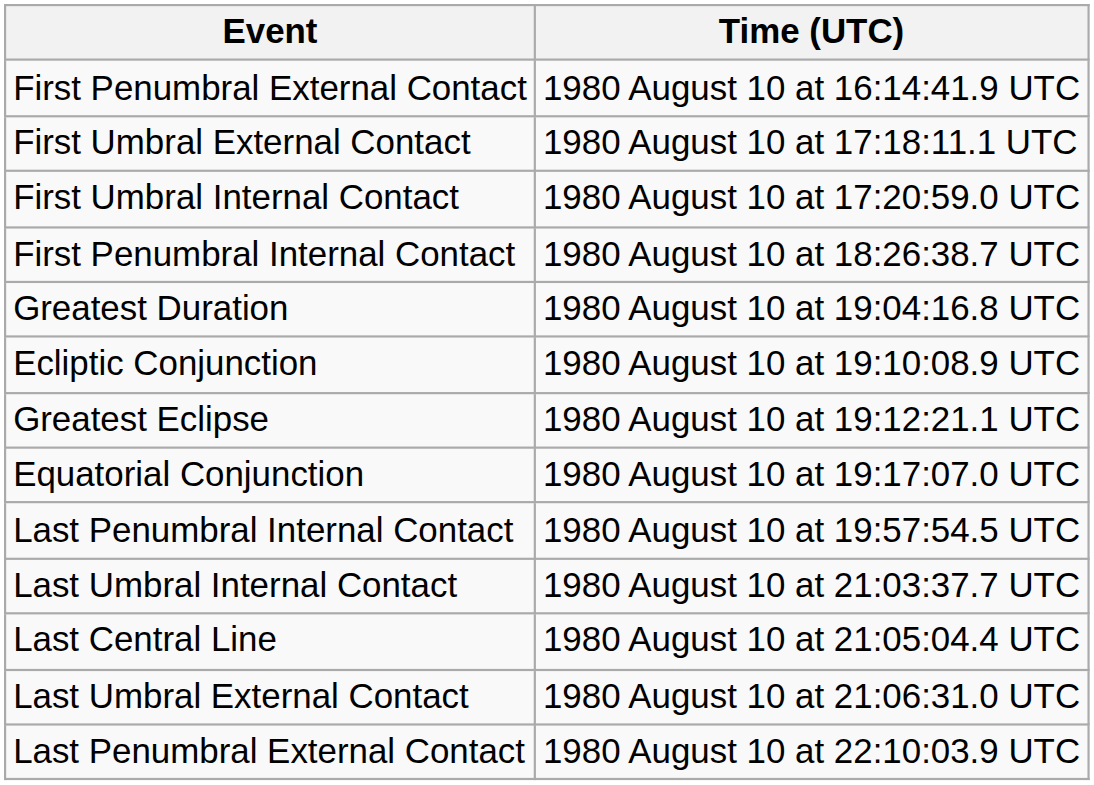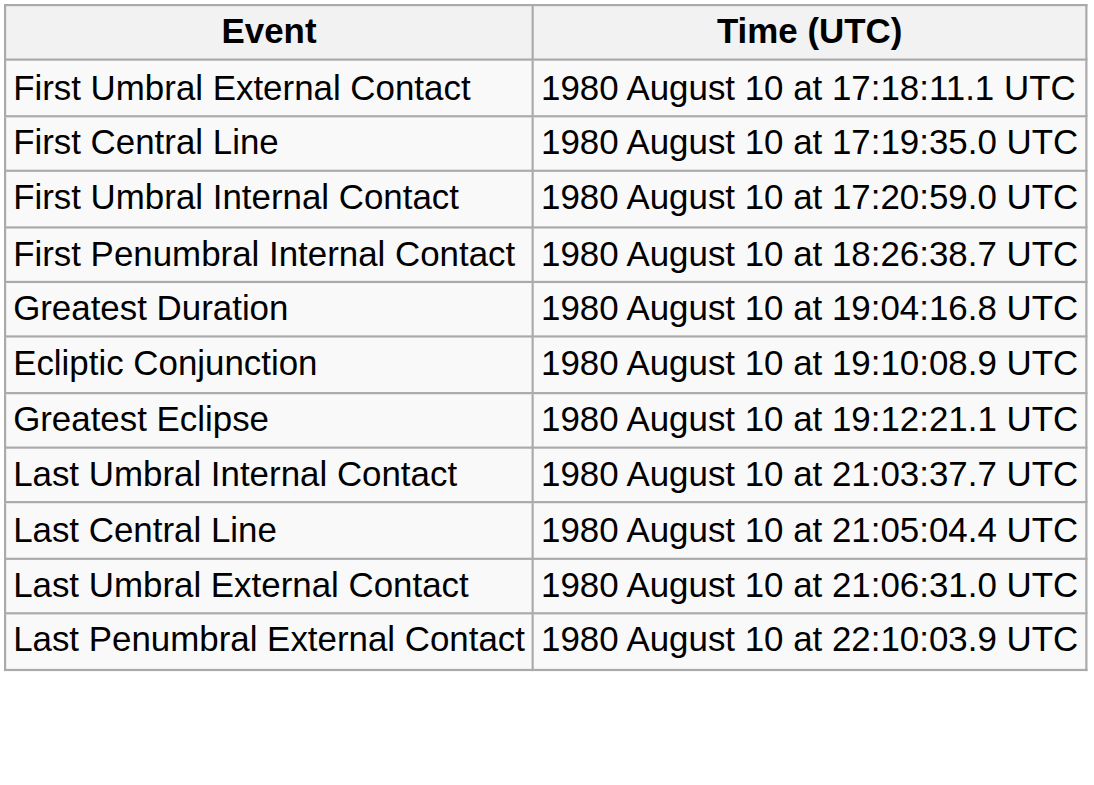 <table class="wikitable">
 <tr>
 <th>Event</th>
 <th>Time (UTC)</th>
 </tr>
 <tr>
-<td>First Penumbral External Contact</td>
-<td>1980 August 10 at 16:14:41.9 UTC</td>
+<td>First Umbral External Contact</td>
+<td>1980 August 10 at 17:18:11.1 UTC</td>
 </tr>
 <tr>
-<td>First Umbral External Contact</td>
-<td>1980 August 10 at 17:18:11.1 UTC</td>
+<td>First Central Line</td>
+<td>1980 August 10 at 17:19:35.0 UTC</td>
 </tr>
 <tr>
 <td>First Umbral Internal Contact</td>
 <td>1980 August 10 at 17:20:59.0 UTC</td>
 </tr>
 <tr>
 <td>First Penumbral Internal Contact</td>
 <td>1980 August 10 at 18:26:38.7 UTC</td>
 </tr>
 <tr>
 <td>Greatest Duration</td>
 <td>1980 August 10 at 19:04:16.8 UTC</td>
 </tr>
 <tr>
 <td>Ecliptic Conjunction</td>
 <td>1980 August 10 at 19:10:08.9 UTC</td>
 </tr>
 <tr>
 <td>Greatest Eclipse</td>
 <td>1980 August 10 at 19:12:21.1 UTC</td>
 </tr>
 <tr>
-<td>Equatorial Conjunction</td>
-<td>1980 August 10 at 19:17:07.0 UTC</td>
-</tr>
-<tr>
-<td>Last Penumbral Internal Contact</td>
-<td>1980 August 10 at 19:57:54.5 UTC</td>
-</tr>
-<tr>
 <td>Last Umbral Internal Contact</td>
 <td>1980 August 10 at 21:03:37.7 UTC</td>
 </tr>
 <tr>
 <td>Last Central Line</td>
 <td>1980 August 10 at 21:05:04.4 UTC</td>
 </tr>
 <tr>
 <td>Last Umbral External Contact</td>
 <td>1980 August 10 at 21:06:31.0 UTC</td>
 </tr>
 <tr>
 <td>Last Penumbral External Contact</td>
 <td>1980 August 10 at 22:10:03.9 UTC</td>
 </tr>
 </table>
